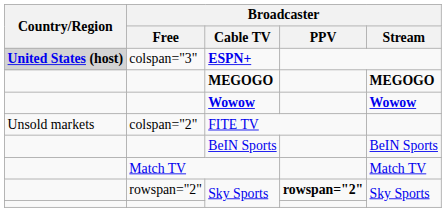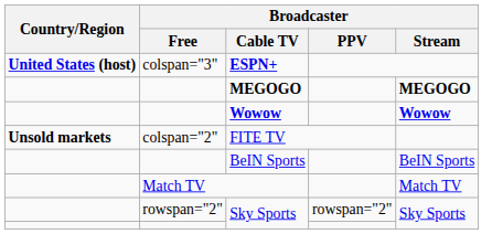 <table class="wikitable">
 <tr>
 <th rowspan="2">Country/Region</th>
 <th colspan="4">Broadcaster</th>
 </tr>
 <tr>
 <th>Free</th>
 <th>Cable TV</th>
 <th>PPV</th>
 <th>Stream</th>
 </tr>
 <tr>
-<td style="background: lightgrey;"><strong> <a href='#'>United States</a> (host)</strong></td>
+<td><strong> <a href='#'>United States</a> (host)</strong></td>
 <td>colspan="3" </td>
 <td><strong><a href='#'>ESPN+</a></strong></td>
 </tr>
 <tr>
 <td><strong></strong></td>
 <td></td>
 <td><strong>MEGOGO</strong></td>
 <td></td>
 <td><strong>MEGOGO</strong></td>
 </tr>
 <tr>
 <td><strong></strong></td>
 <td></td>
 <td><strong><a href='#'>Wowow</a></strong></td>
 <td></td>
 <td><strong><a href='#'>Wowow</a></strong></td>
 </tr>
 <tr>
-<td>Unsold markets</td>
+<td><strong>Unsold markets</strong></td>
 <td>colspan="2" </td>
 <td colspan="2"><a href='#'>FITE TV</a></td>
 </tr>
 <tr>
 <td></td>
 <td></td>
 <td><a href='#'>BeIN Sports</a></td>
 <td></td>
 <td><a href='#'>BeIN Sports</a></td>
 </tr>
 <tr>
 <td></td>
 <td colspan="2"><a href='#'>Match TV</a></td>
 <td></td>
 <td><a href='#'>Match TV</a></td>
 </tr>
 <tr>
 <td></td>
 <td>rowspan="2" </td>
 <td rowspan="2"><a href='#'>Sky Sports</a></td>
-<td><strong>rowspan="2" </strong></td>
+<td>rowspan="2" </td>
 <td rowspan="2"><a href='#'>Sky Sports</a></td>
 </tr>
 <tr>
 <td></td>
 </tr>
 </table>
